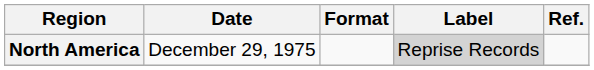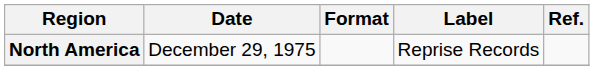 <table class="wikitable plainrowheaders">
 <tr>
 <th scope="col">Region</th>
 <th scope="col">Date</th>
 <th scope="col">Format</th>
 <th scope="col">Label</th>
 <th scope="col">Ref.</th>
 </tr>
 <tr>
 <th scope="row">North America</th>
 <td>December 29, 1975</td>
 <td></td>
-<td style="background: lightgrey;">Reprise Records</td>
+<td>Reprise Records</td>
 <td></td>
 </tr>
 <tr>
 </tr>
 </table>
